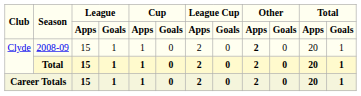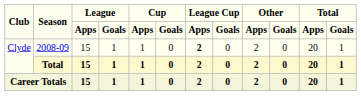 <table border=1 align=center cellpadding=4 cellspacing=2 style="background: ivory; font-size: 95%; border: 1px #aaaaaa solid; border-collapse: collapse; clear:center">
 <tr>
 <th rowspan="2">Club</th>
 <th rowspan="2">Season</th>
 <th colspan="2">League</th>
 <th colspan="2">Cup</th>
 <th colspan="2">League Cup</th>
 <th colspan="2">Other</th>
 <th colspan="2">Total</th>
 </tr>
 <tr>
 <th>Apps</th>
 <th>Goals</th>
 <th>Apps</th>
 <th>Goals</th>
 <th>Apps</th>
 <th>Goals</th>
 <th>Apps</th>
 <th>Goals</th>
 <th>Apps</th>
 <th>Goals</th>
 </tr>
 <tr align=center>
 <td rowspan="2" valign=top><a href='#'>Clyde</a></td>
 <td><a href='#'>2008-09</a></td>
 <td>15</td>
 <td>1</td>
 <td>1</td>
 <td>0</td>
+<td><strong>2</strong></td>
+<td>0</td>
 <td>2</td>
-<td>0</td>
-<td><strong>2</strong></td>
 <td>0</td>
 <td>20</td>
 <td>1</td>
 </tr>
 <tr style="background:lemonchiffon">
 <th>Total</th>
 <th>15</th>
 <th>1</th>
 <th>1</th>
 <th>0</th>
 <th>2</th>
 <th>0</th>
 <th>2</th>
 <th>0</th>
 <th>20</th>
 <th>1</th>
 </tr>
 <tr style="background:beige">
 <th colspan="2">Career Totals</th>
 <th>15</th>
 <th>1</th>
 <th>1</th>
 <th>0</th>
 <th>2</th>
 <th>0</th>
 <th>2</th>
 <th>0</th>
 <th>20</th>
 <th>1</th>
 </tr>
 </table>
